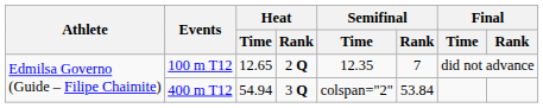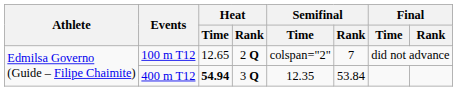 <table class=wikitable style="font-size:90%">
 <tr>
 <th rowspan="2">Athlete</th>
 <th rowspan="2">Events</th>
 <th colspan="2">Heat</th>
 <th colspan="2">Semifinal</th>
 <th colspan="2">Final</th>
 </tr>
 <tr>
 <th scope="col">Time</th>
 <th scope="col">Rank</th>
 <th scope="col">Time</th>
 <th scope="col">Rank</th>
 <th scope="col">Time</th>
 <th scope="col">Rank</th>
 </tr>
 <tr align=center>
 <td align=left rowspan=2><a href='#'>Edmilsa Governo</a><br>(Guide – <a href='#'>Filipe Chaimite</a>)</td>
 <td align=left><a href='#'>100 m T12</a></td>
 <td>12.65</td>
 <td>2 <strong>Q</strong></td>
-<td>12.35</td>
+<td>colspan="2" </td>
 <td>7</td>
 <td colspan=2>did not advance</td>
 </tr>
 <tr align=center>
 <td align=left><a href='#'>400 m T12</a></td>
-<td>54.94</td>
+<td><strong>54.94</strong></td>
 <td>3 <strong>Q</strong></td>
-<td>colspan="2" </td>
+<td>12.35</td>
 <td>53.84</td>
 <td></td>
 </tr>
 </table>
